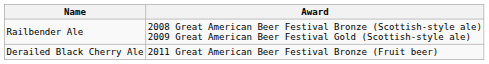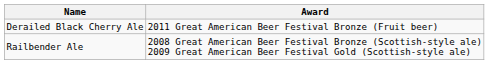 <table class="wikitable sortable">
 <tr>
 <th>Name</th>
 <th>Award</th>
 </tr>
 <tr>
+<td>Derailed Black Cherry Ale</td>
+<td>2011 Great American Beer Festival Bronze (Fruit beer)</td>
+</tr>
+<tr>
 <td>Railbender Ale</td>
 <td>2008 Great American Beer Festival Bronze (Scottish-style ale)<br>2009 Great American Beer Festival Gold (Scottish-style ale)</td>
 </tr>
-<tr>
-<td>Derailed Black Cherry Ale</td>
-<td>2011 Great American Beer Festival Bronze (Fruit beer)</td>
-</tr>
 </table>
